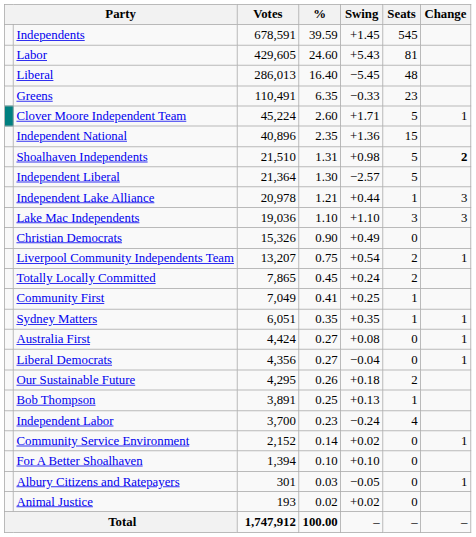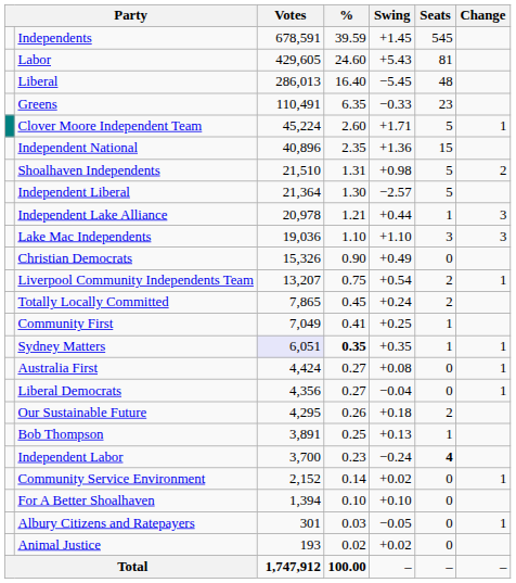 <table class="wikitable" style="text-align:right; margin-bottom:0">
 <tr>
 <th style="width:10px;" colspan=3>Party</th>
 <th style="width:70px;">Votes</th>
 <th style="width:40px;">%</th>
 <th style="width:40px;">Swing</th>
 <th style="width:40px;">Seats</th>
 <th style="width:40px;">Change</th>
 </tr>
 <tr>
 <td> </td>
 <td style="text-align:left;" colspan="2"><a href='#'>Independents</a></td>
 <td>678,591</td>
 <td>39.59</td>
 <td>+1.45</td>
 <td>545</td>
 <td></td>
 </tr>
 <tr>
 <td> </td>
 <td style="text-align:left;" colspan="2"><a href='#'>Labor</a></td>
 <td style="width:70px;">429,605</td>
 <td style="width:45px;">24.60</td>
 <td style="width:45px;">+5.43</td>
 <td style="width:40px;">81</td>
 <td style="width:55px;"></td>
 </tr>
 <tr>
 <td> </td>
 <td style="text-align:left;" colspan="2"><a href='#'>Liberal</a></td>
 <td>286,013</td>
 <td>16.40</td>
 <td>−5.45</td>
 <td>48</td>
 <td></td>
 </tr>
 <tr>
 <td> </td>
 <td style="text-align:left;" colspan="2"><a href='#'>Greens</a></td>
 <td>110,491</td>
 <td>6.35</td>
 <td>−0.33</td>
 <td>23</td>
 <td></td>
 </tr>
 <tr>
 <td bgcolor="#008080"> </td>
 <td style="text-align:left;" colspan="2"><a href='#'>Clover Moore Independent Team</a></td>
 <td>45,224</td>
 <td>2.60</td>
 <td>+1.71</td>
 <td>5</td>
 <td> 1</td>
 </tr>
 <tr>
 <td> </td>
 <td style="text-align:left;" colspan="2"><a href='#'>Independent National</a></td>
 <td>40,896</td>
 <td>2.35</td>
 <td>+1.36</td>
 <td>15</td>
 <td></td>
 </tr>
 <tr>
 <td> </td>
 <td style="text-align:left;" colspan="2"><a href='#'>Shoalhaven Independents</a></td>
 <td>21,510</td>
 <td>1.31</td>
 <td>+0.98</td>
 <td>5</td>
-<td><strong> 2</strong></td>
+<td> 2</td>
 </tr>
 <tr>
 <td> </td>
 <td style="text-align:left;" colspan="2"><a href='#'>Independent Liberal</a></td>
 <td>21,364</td>
 <td>1.30</td>
 <td>−2.57</td>
 <td>5</td>
 <td></td>
 </tr>
 <tr>
 <td> </td>
 <td style="text-align:left;" colspan="2"><a href='#'>Independent Lake Alliance</a></td>
 <td>20,978</td>
 <td>1.21</td>
 <td>+0.44</td>
 <td>1</td>
 <td> 3</td>
 </tr>
 <tr>
 <td> </td>
 <td style="text-align:left;" colspan="2"><a href='#'>Lake Mac Independents</a></td>
 <td>19,036</td>
 <td>1.10</td>
 <td>+1.10</td>
 <td>3</td>
 <td> 3</td>
 </tr>
 <tr>
 <td> </td>
 <td style="text-align:left;" colspan="2"><a href='#'>Christian Democrats</a></td>
 <td>15,326</td>
 <td>0.90</td>
 <td>+0.49</td>
 <td>0</td>
 <td></td>
 </tr>
 <tr>
 <td> </td>
 <td style="text-align:left;" colspan="2"><a href='#'>Liverpool Community Independents Team</a></td>
 <td>13,207</td>
 <td>0.75</td>
 <td>+0.54</td>
 <td>2</td>
 <td> 1</td>
 </tr>
 <tr>
 <td> </td>
 <td style="text-align:left;" colspan="2"><a href='#'>Totally Locally Committed</a></td>
 <td>7,865</td>
 <td>0.45</td>
 <td>+0.24</td>
 <td>2</td>
 <td></td>
 </tr>
 <tr>
 <td> </td>
 <td style="text-align:left;" colspan="2"><a href='#'>Community First</a></td>
 <td>7,049</td>
 <td>0.41</td>
 <td>+0.25</td>
 <td>1</td>
 <td></td>
 </tr>
 <tr>
 <td> </td>
 <td style="text-align:left;" colspan="2"><a href='#'>Sydney Matters</a></td>
-<td>6,051</td>
-<td>0.35</td>
+<td style="background: lavender;">6,051</td>
+<td><strong>0.35</strong></td>
 <td>+0.35</td>
 <td>1</td>
 <td> 1</td>
 </tr>
 <tr>
 <td> </td>
 <td style="text-align:left;" colspan="2"><a href='#'>Australia First</a></td>
 <td>4,424</td>
 <td>0.27</td>
 <td>+0.08</td>
 <td>0</td>
 <td> 1</td>
 </tr>
 <tr>
 <td> </td>
 <td style="text-align:left;" colspan="2"><a href='#'>Liberal Democrats</a></td>
 <td>4,356</td>
 <td>0.27</td>
 <td>−0.04</td>
 <td>0</td>
 <td> 1</td>
 </tr>
 <tr>
 <td> </td>
 <td style="text-align:left;" colspan="2"><a href='#'>Our Sustainable Future</a></td>
 <td>4,295</td>
 <td>0.26</td>
 <td>+0.18</td>
 <td>2</td>
 <td></td>
 </tr>
 <tr>
 <td> </td>
 <td style="text-align:left;" colspan="2"><a href='#'>Bob Thompson</a></td>
 <td>3,891</td>
 <td>0.25</td>
 <td>+0.13</td>
 <td>1</td>
 <td></td>
 </tr>
 <tr>
 <td> </td>
 <td style="text-align:left;" colspan="2"><a href='#'>Independent Labor</a></td>
 <td>3,700</td>
 <td>0.23</td>
 <td>−0.24</td>
-<td>4</td>
+<td><strong>4</strong></td>
 <td></td>
 </tr>
 <tr>
 <td> </td>
 <td style="text-align:left;" colspan="2"><a href='#'>Community Service Environment</a></td>
 <td>2,152</td>
 <td>0.14</td>
 <td>+0.02</td>
 <td>0</td>
 <td> 1</td>
 </tr>
 <tr>
 <td> </td>
 <td style="text-align:left;" colspan="2"><a href='#'>For A Better Shoalhaven</a></td>
 <td>1,394</td>
 <td>0.10</td>
 <td>+0.10</td>
 <td>0</td>
 <td></td>
 </tr>
 <tr>
 <td> </td>
 <td style="text-align:left;" colspan="2"><a href='#'>Albury Citizens and Ratepayers</a></td>
 <td>301</td>
 <td>0.03</td>
 <td>−0.05</td>
 <td>0</td>
 <td> 1</td>
 </tr>
 <tr>
 <td> </td>
 <td style="text-align:left;" colspan="2"><a href='#'>Animal Justice</a></td>
 <td>193</td>
 <td>0.02</td>
 <td>+0.02</td>
 <td>0</td>
 <td></td>
 </tr>
 <tr>
 <th colspan="3"> Total</th>
 <td><strong>1,747,912</strong></td>
 <td><strong>100.00</strong></td>
 <td>–</td>
 <td>–</td>
 <td>–</td>
 </tr>
 </table>
